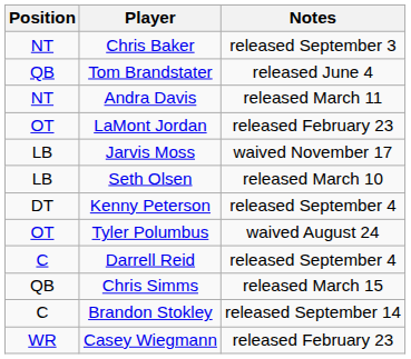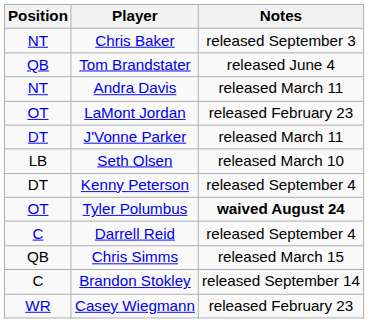 <table class="wikitable" style="text-align:center">
 <tr>
 <th>Position</th>
 <th>Player</th>
 <th>Notes</th>
 </tr>
 <tr>
 <td><a href='#'>NT</a></td>
 <td><a href='#'>Chris Baker</a></td>
 <td>released September 3</td>
 </tr>
 <tr>
 <td><a href='#'>QB</a></td>
 <td><a href='#'>Tom Brandstater</a></td>
 <td>released June 4</td>
 </tr>
 <tr>
 <td><a href='#'>NT</a></td>
 <td><a href='#'>Andra Davis</a></td>
 <td>released March 11</td>
 </tr>
 <tr>
 <td><a href='#'>OT</a></td>
 <td><a href='#'>LaMont Jordan</a></td>
 <td>released February 23</td>
 </tr>
 <tr>
-<td>LB</td>
-<td><a href='#'>Jarvis Moss</a></td>
-<td>waived November 17</td>
+<td><a href='#'>DT</a></td>
+<td><a href='#'>J'Vonne Parker</a></td>
+<td>released March 11</td>
 </tr>
 <tr>
 <td>LB</td>
 <td><a href='#'>Seth Olsen</a></td>
 <td>released March 10</td>
 </tr>
 <tr>
 <td>DT</td>
 <td><a href='#'>Kenny Peterson</a></td>
 <td>released September 4</td>
 </tr>
 <tr>
 <td><a href='#'>OT</a></td>
 <td><a href='#'>Tyler Polumbus</a></td>
-<td>waived August 24</td>
+<td><strong>waived August 24</strong></td>
 </tr>
 <tr>
 <td><a href='#'>C</a></td>
 <td><a href='#'>Darrell Reid</a></td>
 <td>released September 4</td>
 </tr>
 <tr>
 <td>QB</td>
 <td><a href='#'>Chris Simms</a></td>
 <td>released March 15</td>
 </tr>
 <tr>
 <td>C</td>
 <td><a href='#'>Brandon Stokley</a></td>
 <td>released September 14</td>
 </tr>
 <tr>
 <td><a href='#'>WR</a></td>
 <td><a href='#'>Casey Wiegmann</a></td>
 <td>released February 23</td>
 </tr>
 </table>
